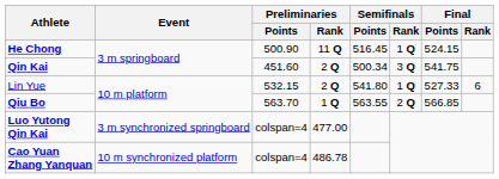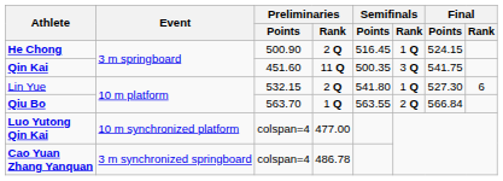 <table class=wikitable style="font-size:90%">
 <tr>
 <th rowspan="2">Athlete</th>
 <th rowspan="2">Event</th>
 <th colspan="2">Preliminaries</th>
 <th colspan="2">Semifinals</th>
 <th colspan="2">Final</th>
 </tr>
 <tr style="font-size:95%">
 <th>Points</th>
 <th>Rank</th>
 <th>Points</th>
 <th>Rank</th>
 <th>Points</th>
 <th>Rank</th>
 </tr>
 <tr align=center>
 <td align=left><strong><a href='#'>He Chong</a></strong></td>
 <td align=left rowspan=2><a href='#'>3 m springboard</a></td>
 <td>500.90</td>
-<td>11 <strong>Q</strong></td>
+<td>2 <strong>Q</strong></td>
 <td>516.45</td>
 <td>1 <strong>Q</strong></td>
 <td>524.15</td>
 <td></td>
 </tr>
 <tr align=center>
 <td align=left><strong><a href='#'>Qin Kai</a></strong></td>
 <td>451.60</td>
-<td>2 <strong>Q</strong></td>
-<td>500.34</td>
+<td>11 <strong>Q</strong></td>
+<td>500.35</td>
 <td>3 <strong>Q</strong></td>
 <td>541.75</td>
 <td></td>
 </tr>
 <tr align=center>
 <td align=left><a href='#'>Lin Yue</a></td>
 <td align=left rowspan=2><a href='#'>10 m platform</a></td>
 <td>532.15</td>
 <td>2 <strong>Q</strong></td>
 <td>541.80</td>
 <td>1 <strong>Q</strong></td>
-<td>527.33</td>
+<td>527.30</td>
 <td>6</td>
 </tr>
 <tr align=center>
 <td align=left><strong><a href='#'>Qiu Bo</a></strong></td>
 <td>563.70</td>
 <td>1 <strong>Q</strong></td>
 <td>563.55</td>
 <td>2 <strong>Q</strong></td>
-<td>566.85</td>
+<td>566.84</td>
 <td></td>
 </tr>
 <tr align=center>
 <td align=left><strong><a href='#'>Luo Yutong</a><br><a href='#'>Qin Kai</a></strong></td>
-<td align=left><a href='#'>3 m synchronized springboard</a></td>
+<td align=left><a href='#'>10 m synchronized platform</a></td>
 <td>colspan=4 </td>
 <td>477.00</td>
 <td></td>
 </tr>
 <tr align=center>
 <td align=left><strong><a href='#'>Cao Yuan</a><br><a href='#'>Zhang Yanquan</a></strong></td>
-<td align=left><a href='#'>10 m synchronized platform</a></td>
+<td align=left><a href='#'>3 m synchronized springboard</a></td>
 <td>colspan=4 </td>
 <td>486.78</td>
 <td></td>
 </tr>
 </table>
